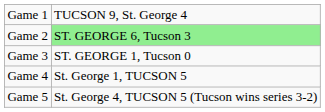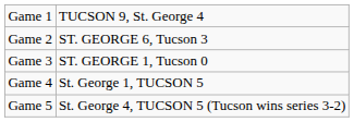 <table class="wikitable">
 <tr>
 <td>Game 1</td>
 <td>TUCSON 9, St. George 4</td>
 </tr>
 <tr>
 <td>Game 2</td>
-<td style="background: lightgreen;">ST. GEORGE 6, Tucson 3</td>
+<td>ST. GEORGE 6, Tucson 3</td>
 </tr>
 <tr>
 <td>Game 3</td>
 <td>ST. GEORGE 1, Tucson 0</td>
 </tr>
 <tr>
 <td>Game 4</td>
 <td>St. George 1, TUCSON 5</td>
 </tr>
 <tr>
 <td>Game 5</td>
 <td>St. George 4, TUCSON 5 (Tucson wins series 3-2)</td>
 </tr>
 </table>
